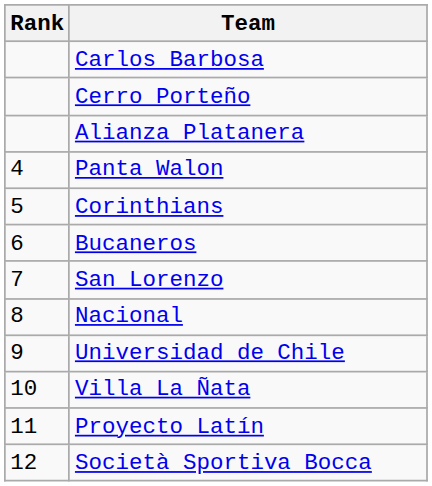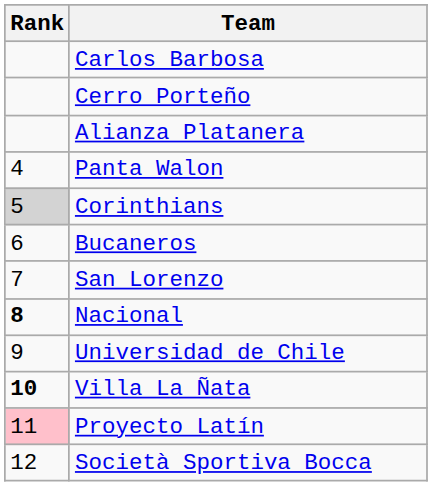 <table class="wikitable">
 <tr>
 <th width=30>Rank</th>
 <th width=200>Team</th>
 </tr>
 <tr>
 <td></td>
 <td> <a href='#'>Carlos Barbosa</a></td>
 </tr>
 <tr>
 <td></td>
 <td> <a href='#'>Cerro Porteño</a></td>
 </tr>
 <tr>
 <td></td>
 <td> <a href='#'>Alianza Platanera</a></td>
 </tr>
 <tr>
 <td>4</td>
 <td> <a href='#'>Panta Walon</a></td>
 </tr>
 <tr>
-<td>5</td>
+<td style="background: lightgrey;">5</td>
 <td> <a href='#'>Corinthians</a></td>
 </tr>
 <tr>
 <td>6</td>
 <td> <a href='#'>Bucaneros</a></td>
 </tr>
 <tr>
 <td>7</td>
 <td> <a href='#'>San Lorenzo</a></td>
 </tr>
 <tr>
-<td>8</td>
+<td><strong>8</strong></td>
 <td> <a href='#'>Nacional</a></td>
 </tr>
 <tr>
 <td>9</td>
 <td> <a href='#'>Universidad de Chile</a></td>
 </tr>
 <tr>
-<td>10</td>
+<td><strong>10</strong></td>
 <td> <a href='#'>Villa La Ñata</a></td>
 </tr>
 <tr>
-<td>11</td>
+<td style="background: pink;">11</td>
 <td> <a href='#'>Proyecto Latín</a></td>
 </tr>
 <tr>
 <td>12</td>
 <td> <a href='#'>Società Sportiva Bocca</a></td>
 </tr>
 </table>
